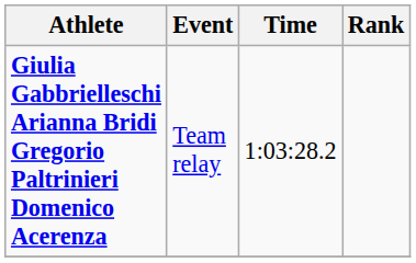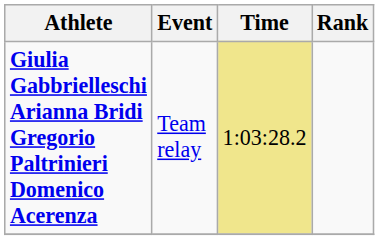 <table class="wikitable" style="text-align:center; font-size:90%; width:30%;">
 <tr>
 <th>Athlete</th>
 <th>Event</th>
 <th>Time</th>
 <th>Rank</th>
 </tr>
 <tr>
 <td align="left"><strong><a href='#'>Giulia Gabbrielleschi</a><br><a href='#'>Arianna Bridi</a><br><a href='#'>Gregorio Paltrinieri</a><br><a href='#'>Domenico Acerenza</a></strong></td>
 <td align="left"><a href='#'>Team relay</a></td>
-<td>1:03:28.2</td>
+<td style="background: khaki;">1:03:28.2</td>
 <td></td>
 </tr>
 <tr>
 </tr>
 </table>
